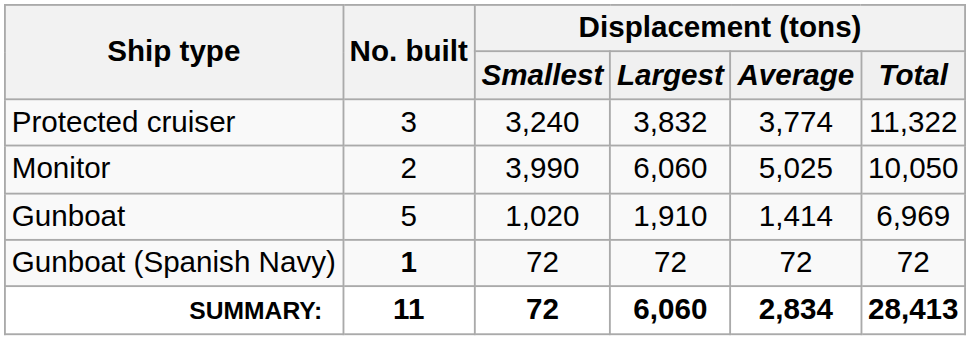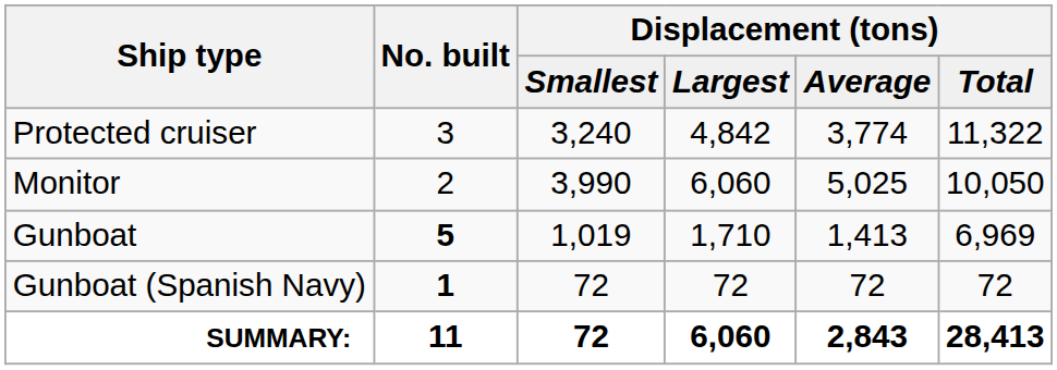 <table class="wikitable">
 <tr>
 <th rowspan="2">Ship type</th>
 <th rowspan="2">No. built</th>
 <th colspan="4">Displacement (tons)</th>
 </tr>
 <tr style="background:#f0f0f0;">
 <td align="center"><strong><em>Smallest</em></strong></td>
 <td align="center"><strong><em>Largest</em></strong></td>
 <td align="center"><strong><em>Average</em></strong></td>
 <td align="center"><strong><em>Total</em></strong></td>
 </tr>
 <tr align="center">
 <td align="left">Protected cruiser</td>
 <td>3</td>
 <td>3,240</td>
-<td>3,832</td>
+<td>4,842</td>
 <td>3,774</td>
 <td>11,322</td>
 </tr>
 <tr align="center">
 <td align="left">Monitor</td>
 <td>2</td>
 <td>3,990</td>
 <td>6,060</td>
 <td>5,025</td>
 <td>10,050</td>
 </tr>
 <tr align="center">
 <td align="left">Gunboat</td>
-<td>5</td>
-<td>1,020</td>
-<td>1,910</td>
-<td>1,414</td>
+<td><strong>5</strong></td>
+<td>1,019</td>
+<td>1,710</td>
+<td>1,413</td>
 <td>6,969</td>
 </tr>
 <tr align="center">
 <td align="left">Gunboat (Spanish Navy)</td>
 <td><strong>1</strong></td>
 <td>72</td>
 <td>72</td>
 <td>72</td>
 <td>72</td>
 </tr>
 <tr class="sortbottom" style="background:white; font-weight:600;" align="center">
 <td align="right"><small>SUMMARY:  </small></td>
 <td>11</td>
 <td>72</td>
 <td>6,060</td>
-<td>2,834</td>
+<td>2,843</td>
 <td>28,413</td>
 </tr>
 </table>
